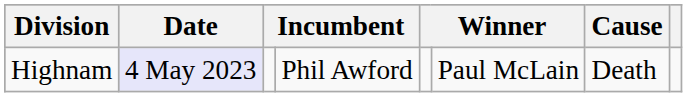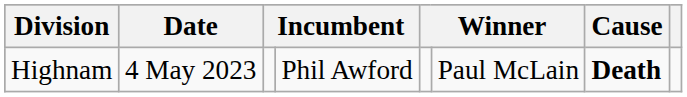 <table class="wikitable">
 <tr>
 <th>Division</th>
 <th>Date</th>
 <th colspan="2">Incumbent</th>
 <th colspan="2">Winner</th>
 <th>Cause</th>
 <th></th>
 </tr>
 <tr>
 <td>Highnam</td>
-<td style="background: lavender;">4 May 2023</td>
+<td>4 May 2023</td>
 <td></td>
 <td>Phil Awford</td>
 <td></td>
 <td>Paul McLain</td>
-<td>Death</td>
+<td><strong>Death</strong></td>
 <td></td>
 </tr>
 </table>
